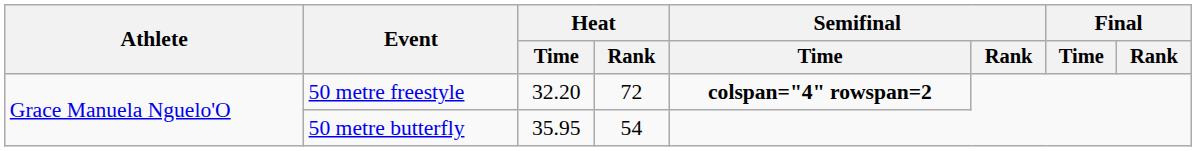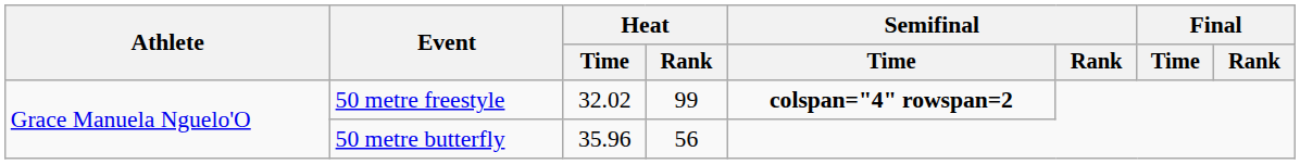 <table class="wikitable" style="text-align:center; font-size:90%; width:50%;">
 <tr>
 <th rowspan="2">Athlete</th>
 <th rowspan="2">Event</th>
 <th colspan="2">Heat</th>
 <th colspan="2">Semifinal</th>
 <th colspan="2">Final</th>
 </tr>
 <tr style="font-size:95%">
 <th>Time</th>
 <th>Rank</th>
 <th>Time</th>
 <th>Rank</th>
 <th>Time</th>
 <th>Rank</th>
 </tr>
 <tr>
 <td align=left rowspan=2><a href='#'>Grace Manuela Nguelo'O</a></td>
 <td align=left><a href='#'>50 metre freestyle</a></td>
-<td>32.20</td>
-<td>72</td>
+<td>32.02</td>
+<td>99</td>
 <td><strong>colspan="4" rowspan=2</strong></td>
 </tr>
 <tr>
 <td align=left><a href='#'>50 metre butterfly</a></td>
-<td>35.95</td>
-<td>54</td>
+<td>35.96</td>
+<td>56</td>
 </tr>
 </table>
